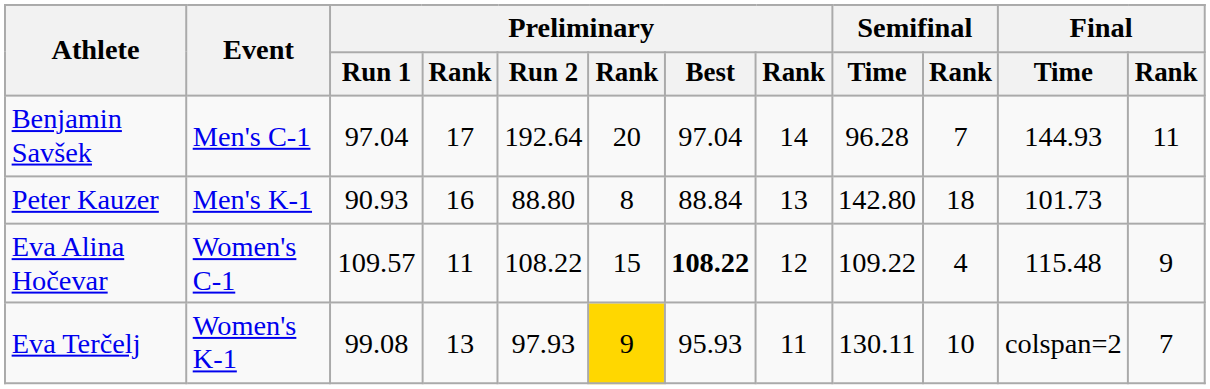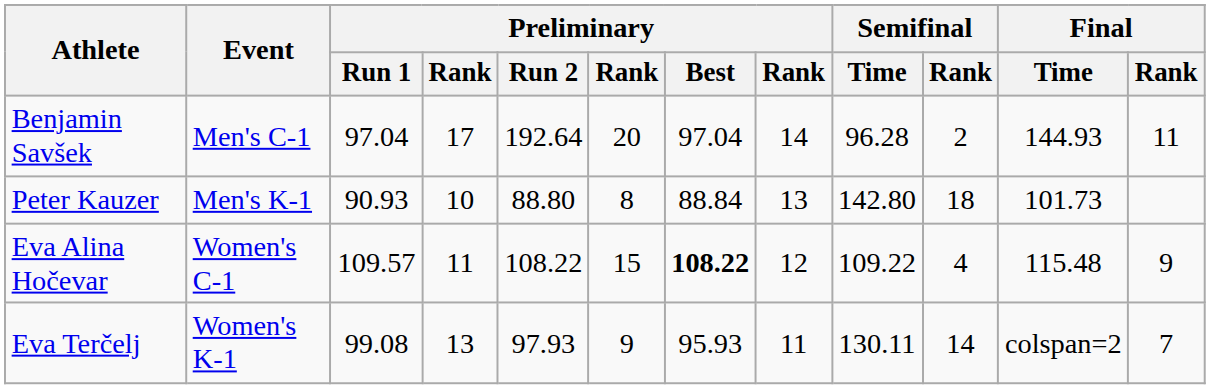 <table class="wikitable" style="font-size:90%">
 <tr>
 <th rowspan=2>Athlete</th>
 <th rowspan=2>Event</th>
 <th colspan=6>Preliminary</th>
 <th colspan=2>Semifinal</th>
 <th colspan=2>Final</th>
 </tr>
 <tr style="font-size:95%">
 <th>Run 1</th>
 <th>Rank</th>
 <th>Run 2</th>
 <th>Rank</th>
 <th>Best</th>
 <th>Rank</th>
 <th>Time</th>
 <th>Rank</th>
 <th>Time</th>
 <th>Rank</th>
 </tr>
 <tr align=center>
 <td align=left><a href='#'>Benjamin Savšek</a></td>
 <td align=left><a href='#'>Men's C-1</a></td>
 <td>97.04</td>
 <td>17</td>
 <td>192.64</td>
 <td>20</td>
 <td>97.04</td>
 <td>14</td>
 <td>96.28</td>
-<td>7</td>
+<td>2</td>
 <td>144.93</td>
 <td>11</td>
 </tr>
 <tr align=center>
 <td align=left><a href='#'>Peter Kauzer</a></td>
 <td align=left><a href='#'>Men's K-1</a></td>
 <td>90.93</td>
-<td>16</td>
+<td>10</td>
 <td>88.80</td>
 <td>8</td>
 <td>88.84</td>
 <td>13</td>
 <td>142.80</td>
 <td>18</td>
 <td>101.73</td>
 </tr>
 <tr align=center>
 <td align=left><a href='#'>Eva Alina Hočevar</a></td>
 <td align=left><a href='#'>Women's C-1</a></td>
 <td>109.57</td>
 <td>11</td>
 <td>108.22</td>
 <td>15</td>
 <td><strong>108.22</strong></td>
 <td>12</td>
 <td>109.22</td>
 <td>4</td>
 <td>115.48</td>
 <td>9</td>
 </tr>
 <tr align=center>
 <td align=left><a href='#'>Eva Terčelj</a></td>
 <td align=left><a href='#'>Women's K-1</a></td>
 <td>99.08</td>
 <td>13</td>
 <td>97.93</td>
-<td style="background: gold;">9</td>
+<td>9</td>
 <td>95.93</td>
 <td>11</td>
 <td>130.11</td>
-<td>10</td>
+<td>14</td>
 <td>colspan=2 </td>
 <td>7</td>
 </tr>
 </table>
